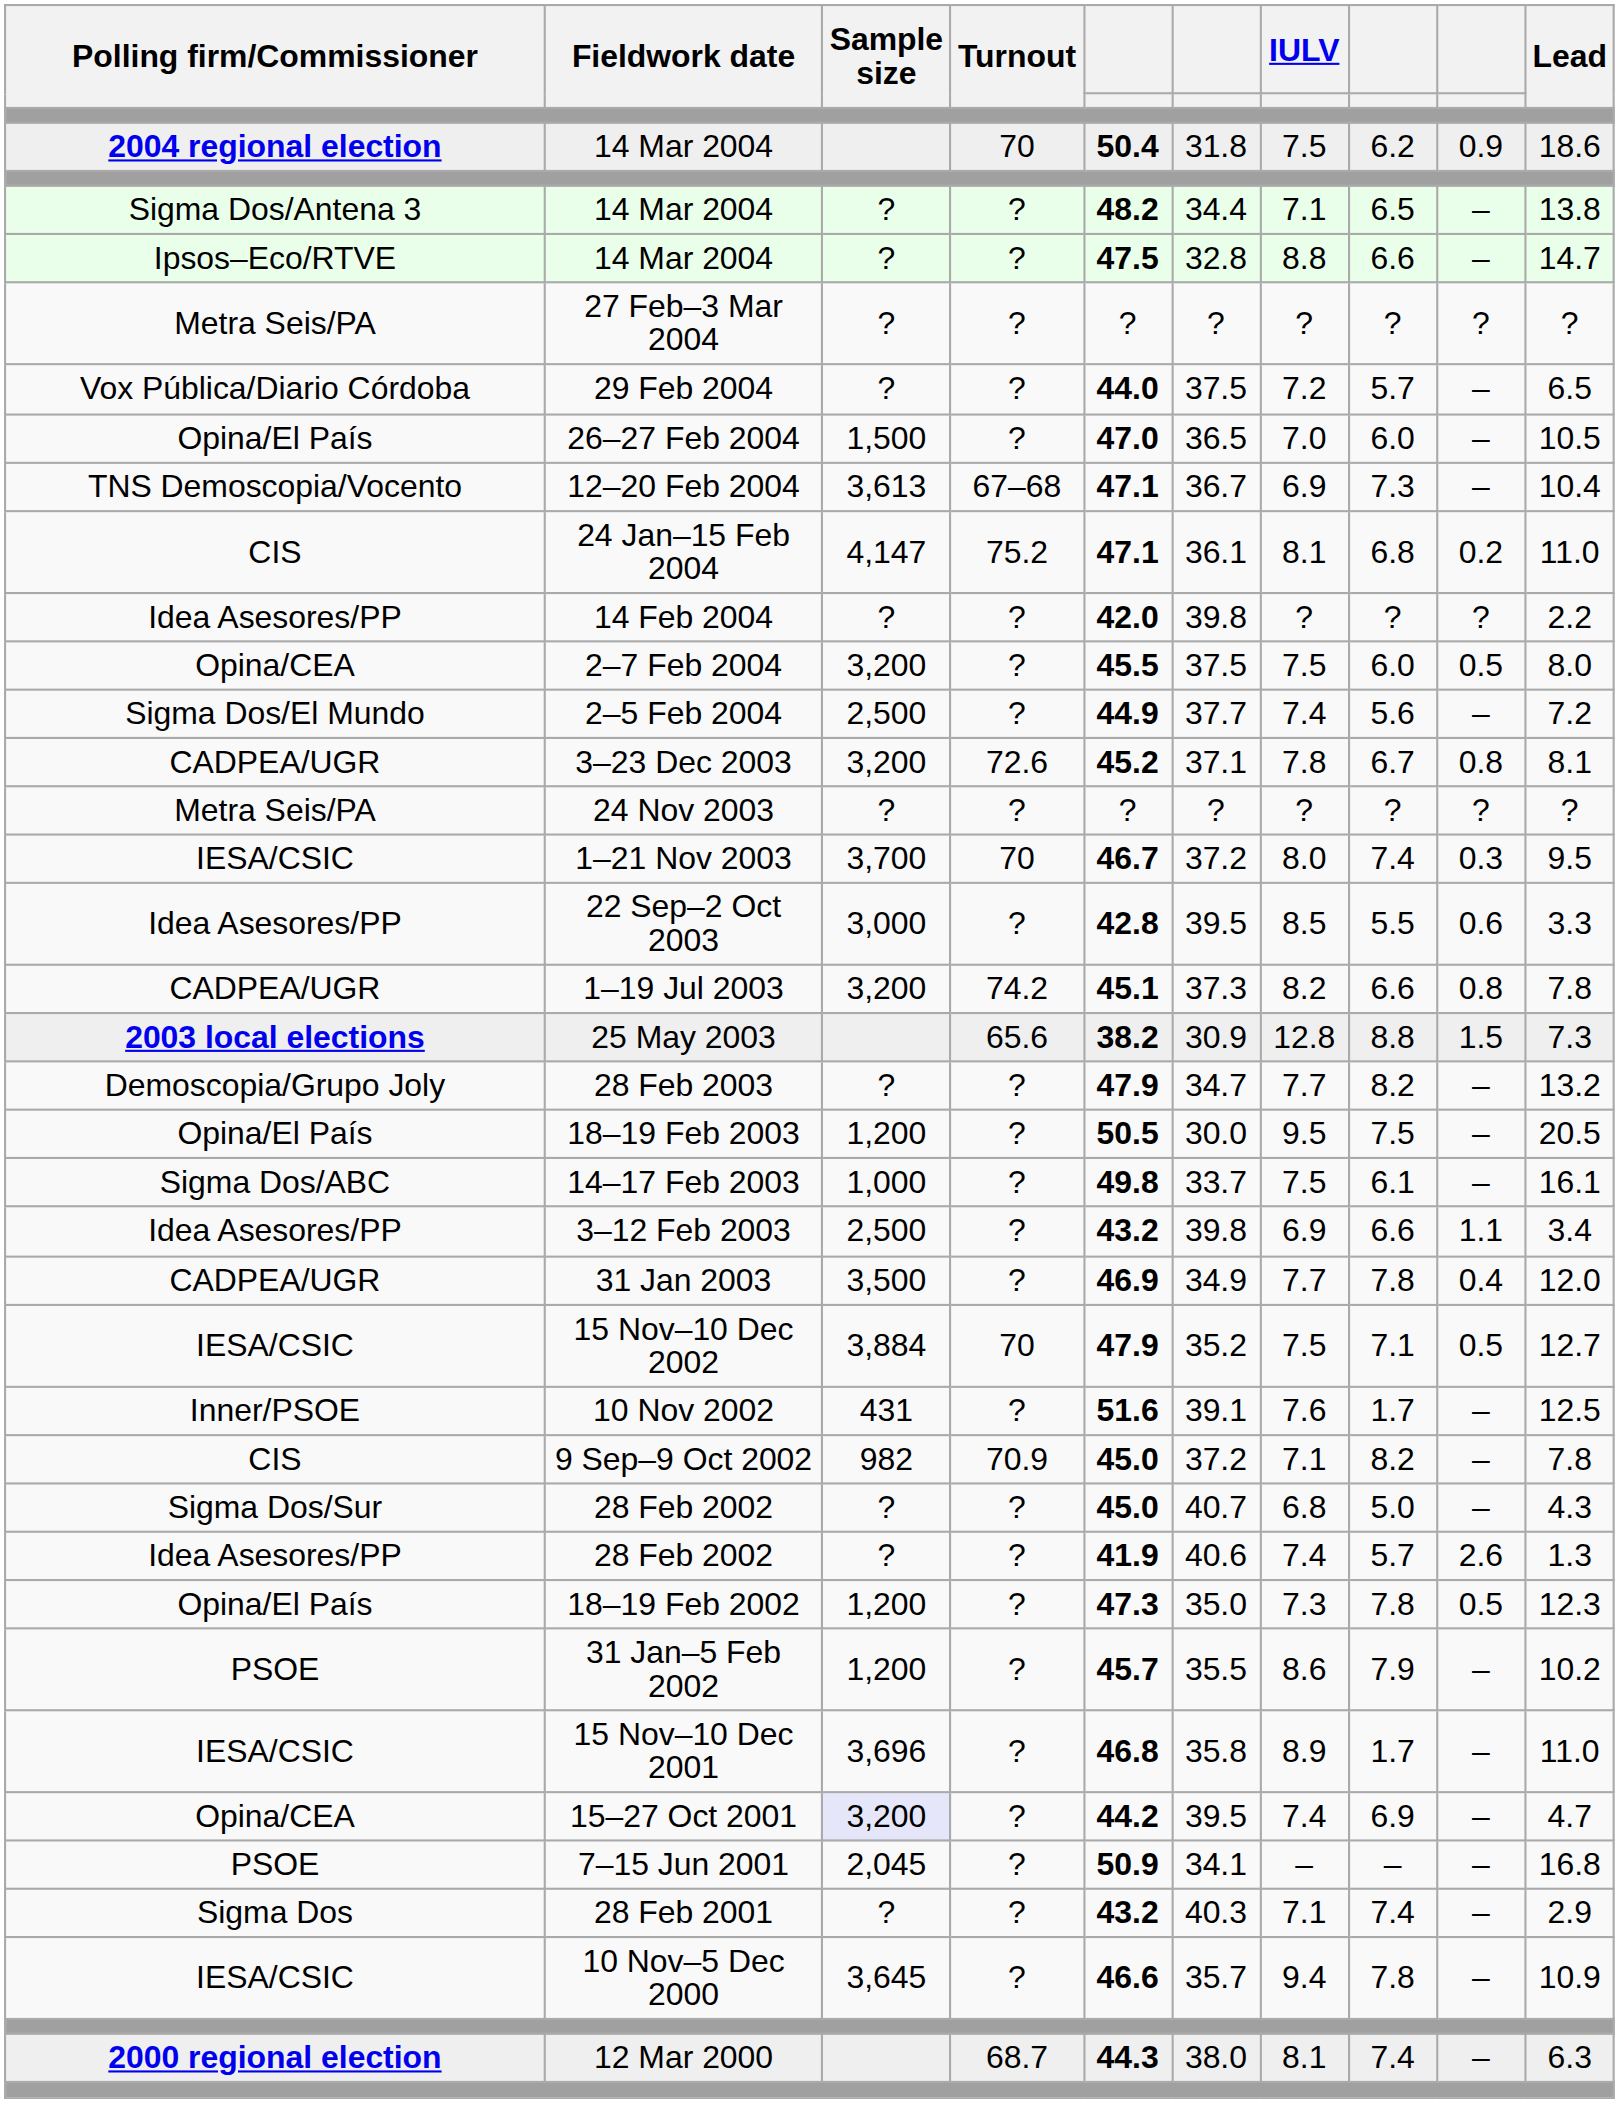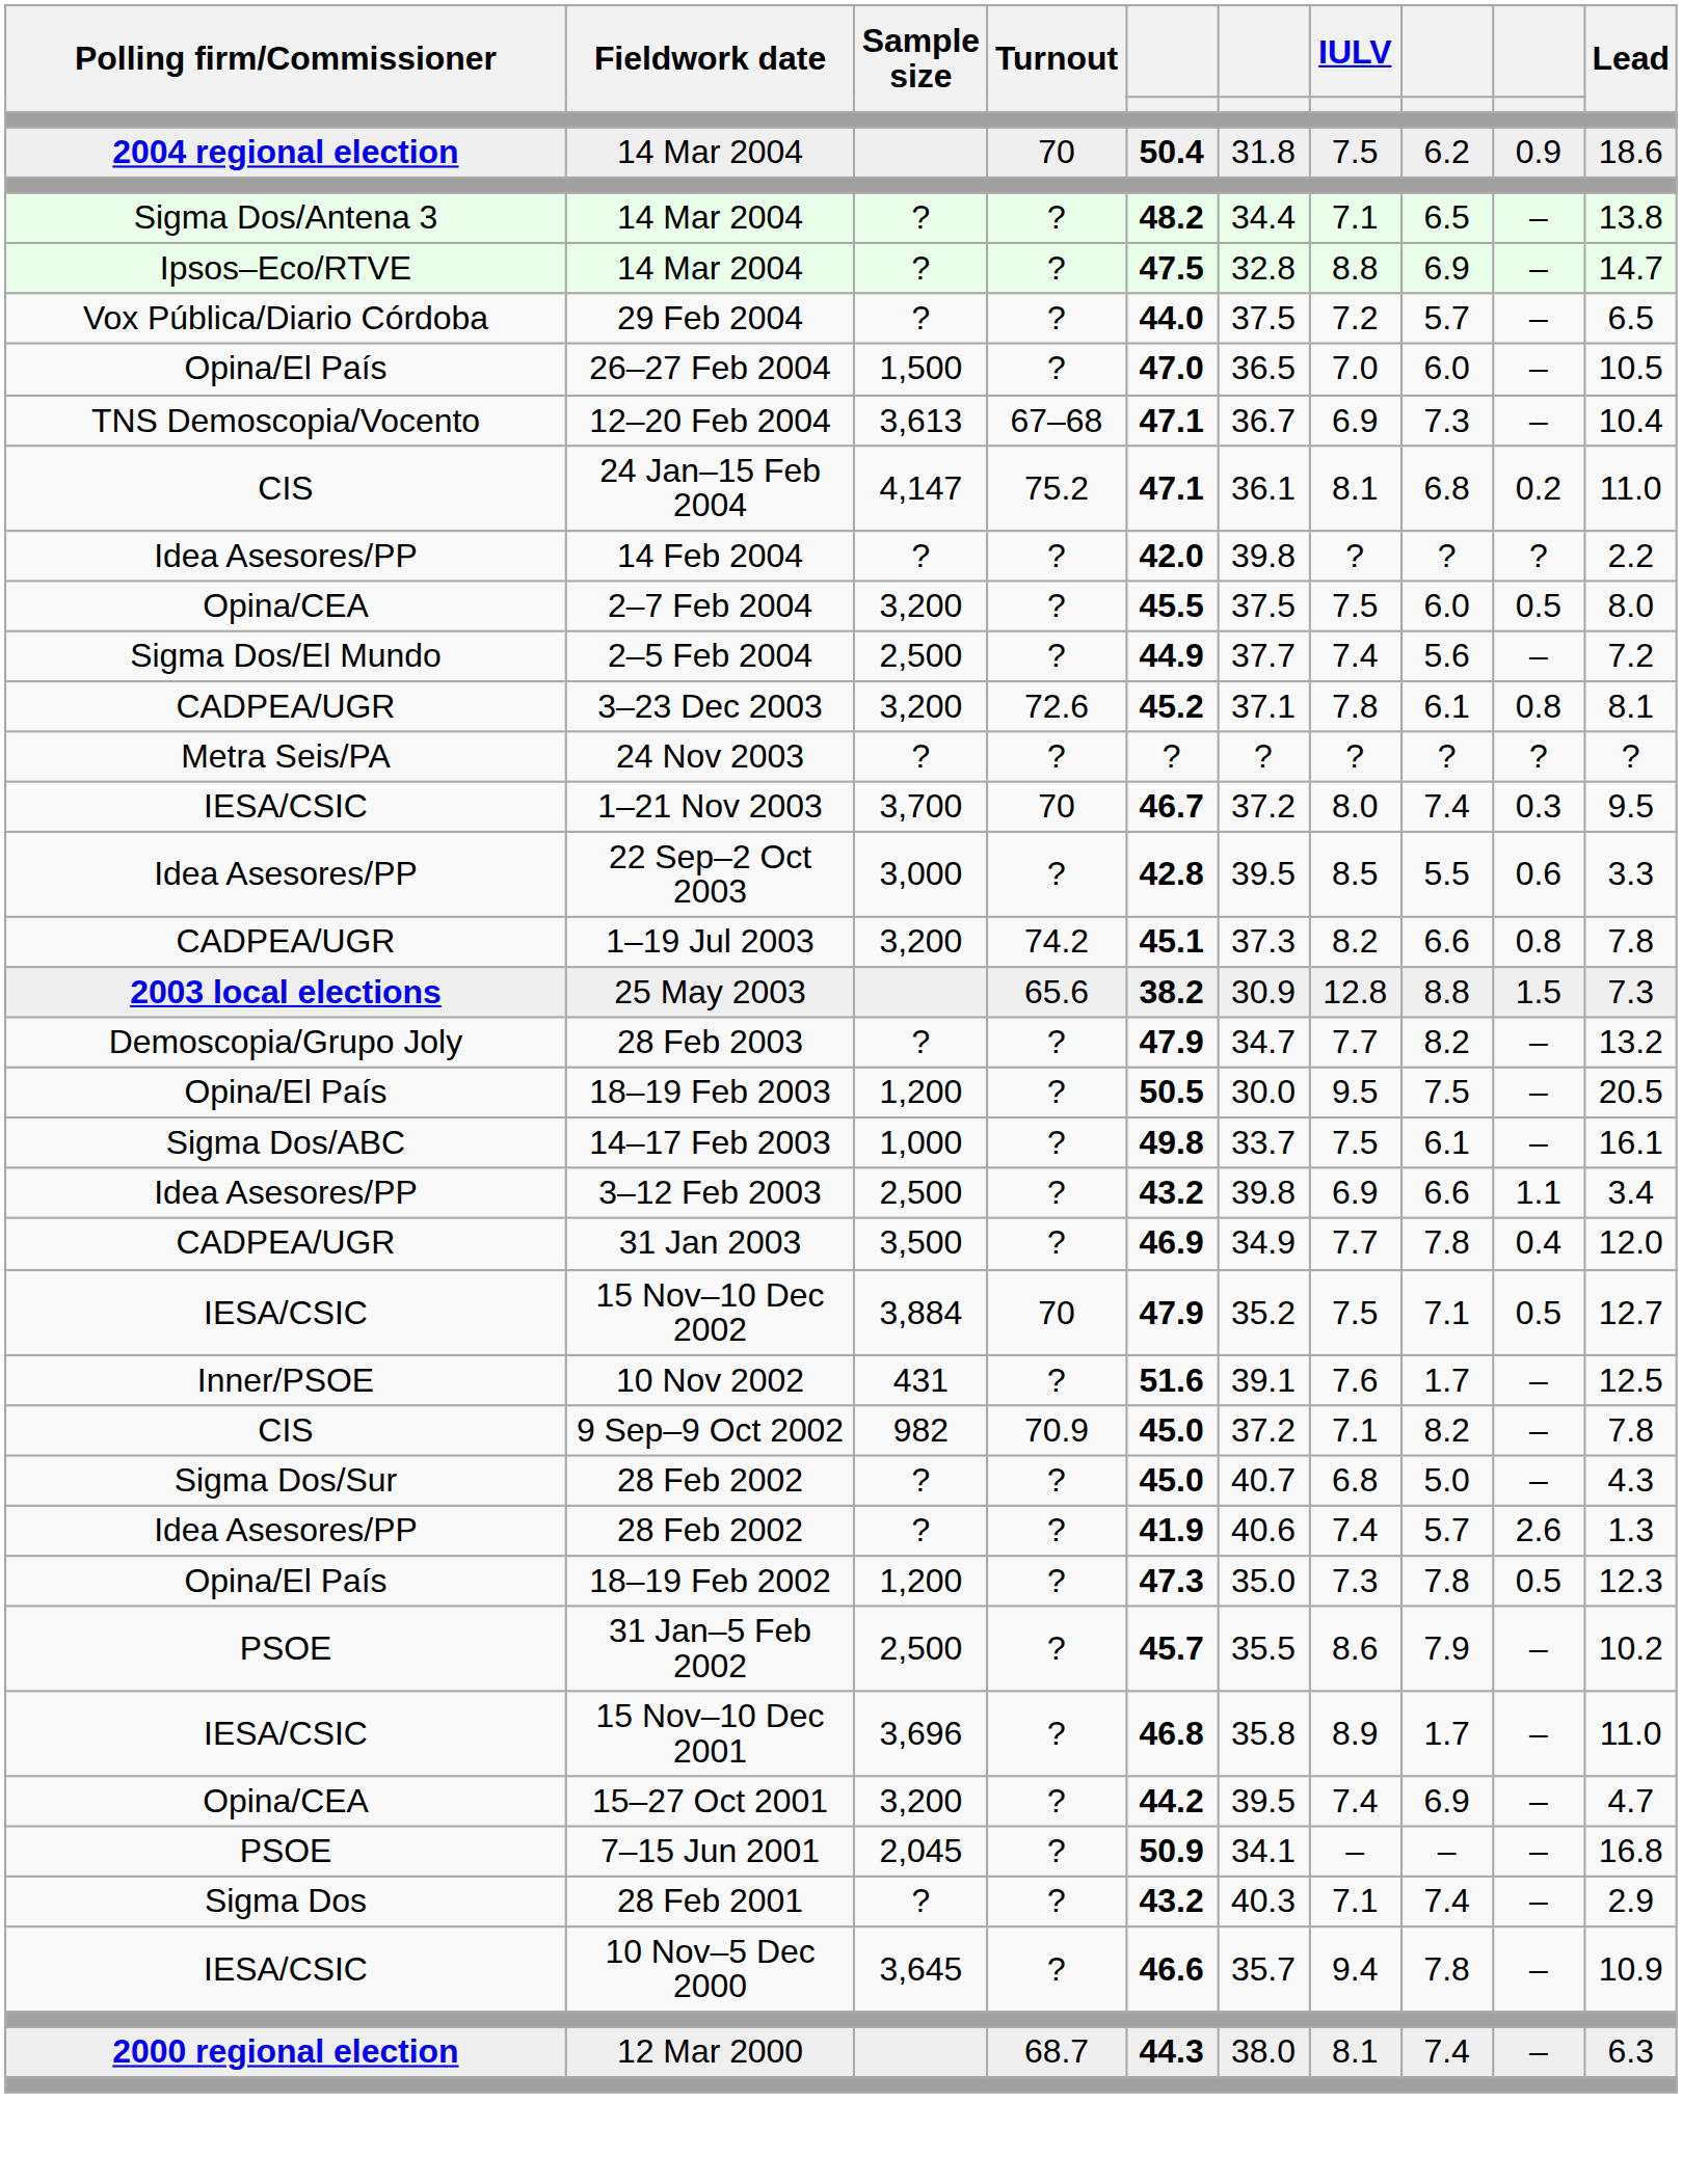 <table class="wikitable collapsible collapsed" style="text-align:center; font-size:95%; line-height:16px;">
 <tr style="height:42px;">
 <th style="width:250px;" rowspan="2">Polling firm/Commissioner</th>
 <th style="width:125px;" rowspan="2">Fieldwork date</th>
 <th style="width:50px;" rowspan="2">Sample size</th>
 <th style="width:45px;" rowspan="2">Turnout</th>
 <th style="width:35px;"></th>
 <th style="width:35px;"></th>
 <th style="width:35px;"><a href='#'>IULV</a></th>
 <th style="width:35px;"></th>
 <th style="width:35px;"></th>
 <th style="width:30px;" rowspan="2">Lead</th>
 </tr>
 <tr>
 <th style="color:inherit;background:"></th>
 <th style="color:inherit;background:"></th>
 <th style="color:inherit;background:"></th>
 <th style="color:inherit;background:"></th>
 <th style="color:inherit;background:"></th>
 </tr>
 <tr>
 <td colspan="10" style="background:#A0A0A0"></td>
 </tr>
 <tr style="background:#EFEFEF;">
 <td><strong><a href='#'>2004 regional election</a></strong></td>
 <td>14 Mar 2004</td>
 <td></td>
 <td>70</td>
 <td><strong>50.4</strong><br></td>
 <td>31.8<br></td>
 <td>7.5<br></td>
 <td>6.2<br></td>
 <td>0.9<br></td>
 <td style="background:">18.6</td>
 </tr>
 <tr>
 <td colspan="10" style="background:#A0A0A0"></td>
 </tr>
 <tr style="background:#EAFFEA;">
 <td>Sigma Dos/Antena 3</td>
 <td>14 Mar 2004</td>
 <td>?</td>
 <td>?</td>
 <td><strong>48.2</strong><br></td>
 <td>34.4<br></td>
 <td>7.1<br></td>
 <td>6.5<br></td>
 <td>–</td>
 <td style="background:">13.8</td>
 </tr>
 <tr style="background:#EAFFEA;">
 <td>Ipsos–Eco/RTVE</td>
 <td>14 Mar 2004</td>
 <td>?</td>
 <td>?</td>
 <td><strong>47.5</strong><br></td>
 <td>32.8<br></td>
 <td>8.8<br></td>
-<td>6.6<br></td>
+<td>6.9<br></td>
 <td>–</td>
 <td style="background:">14.7</td>
-</tr>
-<tr>
-<td>Metra Seis/PA</td>
-<td>27 Feb–3 Mar 2004</td>
-<td>?</td>
-<td>?</td>
-<td>?<br></td>
-<td>?<br></td>
-<td>?<br></td>
-<td>?<br></td>
-<td>?<br></td>
-<td style="background:">?</td>
 </tr>
 <tr>
 <td>Vox Pública/Diario Córdoba</td>
 <td>29 Feb 2004</td>
 <td>?</td>
 <td>?</td>
 <td><strong>44.0</strong><br></td>
 <td>37.5<br></td>
 <td>7.2<br></td>
 <td>5.7<br></td>
 <td>–</td>
 <td style="background:">6.5</td>
 </tr>
 <tr>
 <td>Opina/El País</td>
 <td>26–27 Feb 2004</td>
 <td>1,500</td>
 <td>?</td>
 <td><strong>47.0</strong><br></td>
 <td>36.5<br></td>
 <td>7.0<br></td>
 <td>6.0<br></td>
 <td>–</td>
 <td style="background:">10.5</td>
 </tr>
 <tr>
 <td>TNS Demoscopia/Vocento</td>
 <td>12–20 Feb 2004</td>
 <td>3,613</td>
 <td>67–68</td>
 <td><strong>47.1</strong><br></td>
 <td>36.7<br></td>
 <td>6.9<br></td>
 <td>7.3<br></td>
 <td>–</td>
 <td style="background:">10.4</td>
 </tr>
 <tr>
 <td>CIS</td>
 <td>24 Jan–15 Feb 2004</td>
 <td>4,147</td>
 <td>75.2</td>
 <td><strong>47.1</strong><br></td>
 <td>36.1<br></td>
 <td>8.1<br></td>
 <td>6.8<br></td>
 <td>0.2<br></td>
 <td style="background:">11.0</td>
 </tr>
 <tr>
 <td>Idea Asesores/PP</td>
 <td>14 Feb 2004</td>
 <td>?</td>
 <td>?</td>
 <td><strong>42.0</strong><br></td>
 <td>39.8<br></td>
 <td>?<br></td>
 <td>?<br></td>
 <td>?<br></td>
 <td style="background:">2.2</td>
 </tr>
 <tr>
 <td>Opina/CEA</td>
 <td>2–7 Feb 2004</td>
 <td>3,200</td>
 <td>?</td>
 <td><strong>45.5</strong><br></td>
 <td>37.5<br></td>
 <td>7.5<br></td>
 <td>6.0<br></td>
 <td>0.5<br></td>
 <td style="background:">8.0</td>
 </tr>
 <tr>
 <td>Sigma Dos/El Mundo</td>
 <td>2–5 Feb 2004</td>
 <td>2,500</td>
 <td>?</td>
 <td><strong>44.9</strong><br></td>
 <td>37.7<br></td>
 <td>7.4<br></td>
 <td>5.6<br></td>
 <td>–</td>
 <td style="background:">7.2</td>
 </tr>
 <tr>
 <td>CADPEA/UGR</td>
 <td>3–23 Dec 2003</td>
 <td>3,200</td>
 <td>72.6</td>
 <td><strong>45.2</strong></td>
 <td>37.1</td>
 <td>7.8</td>
-<td>6.7</td>
+<td>6.1</td>
 <td>0.8</td>
 <td style="background:">8.1</td>
 </tr>
 <tr>
 <td>Metra Seis/PA</td>
 <td>24 Nov 2003</td>
 <td>?</td>
 <td>?</td>
 <td>?<br></td>
 <td>?<br></td>
 <td>?<br></td>
 <td>?<br></td>
 <td>?<br></td>
 <td style="background:">?</td>
 </tr>
 <tr>
 <td>IESA/CSIC</td>
 <td>1–21 Nov 2003</td>
 <td>3,700</td>
 <td>70</td>
 <td><strong>46.7</strong></td>
 <td>37.2</td>
 <td>8.0</td>
 <td>7.4</td>
 <td>0.3</td>
 <td style="background:">9.5</td>
 </tr>
 <tr>
 <td>Idea Asesores/PP</td>
 <td>22 Sep–2 Oct 2003</td>
 <td>3,000</td>
 <td>?</td>
 <td><strong>42.8</strong><br></td>
 <td>39.5<br></td>
 <td>8.5<br></td>
 <td>5.5<br></td>
 <td>0.6<br></td>
 <td style="background:">3.3</td>
 </tr>
 <tr>
 <td>CADPEA/UGR</td>
 <td>1–19 Jul 2003</td>
 <td>3,200</td>
 <td>74.2</td>
 <td><strong>45.1</strong></td>
 <td>37.3</td>
 <td>8.2</td>
 <td>6.6</td>
 <td>0.8</td>
 <td style="background:">7.8</td>
 </tr>
 <tr style="background:#EFEFEF;">
 <td><strong><a href='#'>2003 local elections</a></strong></td>
 <td>25 May 2003</td>
 <td></td>
 <td>65.6</td>
 <td><strong>38.2</strong></td>
 <td>30.9</td>
 <td>12.8</td>
 <td>8.8</td>
 <td>1.5</td>
 <td style="background:">7.3</td>
 </tr>
 <tr>
 <td>Demoscopia/Grupo Joly</td>
 <td>28 Feb 2003</td>
 <td>?</td>
 <td>?</td>
 <td><strong>47.9</strong></td>
 <td>34.7</td>
 <td>7.7</td>
 <td>8.2</td>
 <td>–</td>
 <td style="background:">13.2</td>
 </tr>
 <tr>
 <td>Opina/El País</td>
 <td>18–19 Feb 2003</td>
 <td>1,200</td>
 <td>?</td>
 <td><strong>50.5</strong></td>
 <td>30.0</td>
 <td>9.5</td>
 <td>7.5</td>
 <td>–</td>
 <td style="background:">20.5</td>
 </tr>
 <tr>
 <td>Sigma Dos/ABC</td>
 <td>14–17 Feb 2003</td>
 <td>1,000</td>
 <td>?</td>
 <td><strong>49.8</strong></td>
 <td>33.7</td>
 <td>7.5</td>
 <td>6.1</td>
 <td>–</td>
 <td style="background:">16.1</td>
 </tr>
 <tr>
 <td>Idea Asesores/PP</td>
 <td>3–12 Feb 2003</td>
 <td>2,500</td>
 <td>?</td>
 <td><strong>43.2</strong><br></td>
 <td>39.8<br></td>
 <td>6.9<br></td>
 <td>6.6<br></td>
 <td>1.1<br></td>
 <td style="background:">3.4</td>
 </tr>
 <tr>
 <td>CADPEA/UGR</td>
 <td>31 Jan 2003</td>
 <td>3,500</td>
 <td>?</td>
 <td><strong>46.9</strong></td>
 <td>34.9</td>
 <td>7.7</td>
 <td>7.8</td>
 <td>0.4</td>
 <td style="background:">12.0</td>
 </tr>
 <tr>
 <td>IESA/CSIC</td>
 <td>15 Nov–10 Dec 2002</td>
 <td>3,884</td>
 <td>70</td>
 <td><strong>47.9</strong></td>
 <td>35.2</td>
 <td>7.5</td>
 <td>7.1</td>
 <td>0.5</td>
 <td style="background:">12.7</td>
 </tr>
 <tr>
 <td>Inner/PSOE</td>
 <td>10 Nov 2002</td>
 <td>431</td>
 <td>?</td>
 <td><strong>51.6</strong></td>
 <td>39.1</td>
 <td>7.6</td>
 <td>1.7</td>
 <td>–</td>
 <td style="background:">12.5</td>
 </tr>
 <tr>
 <td>CIS</td>
 <td>9 Sep–9 Oct 2002</td>
 <td>982</td>
 <td>70.9</td>
 <td><strong>45.0</strong></td>
 <td>37.2</td>
 <td>7.1</td>
 <td>8.2</td>
 <td>–</td>
 <td style="background:">7.8</td>
 </tr>
 <tr>
 <td>Sigma Dos/Sur</td>
 <td>28 Feb 2002</td>
 <td>?</td>
 <td>?</td>
 <td><strong>45.0</strong></td>
 <td>40.7</td>
 <td>6.8</td>
 <td>5.0</td>
 <td>–</td>
 <td style="background:">4.3</td>
 </tr>
 <tr>
 <td>Idea Asesores/PP</td>
 <td>28 Feb 2002</td>
 <td>?</td>
 <td>?</td>
 <td><strong>41.9</strong><br></td>
 <td>40.6<br></td>
 <td>7.4<br></td>
 <td>5.7<br></td>
 <td>2.6<br></td>
 <td style="background:">1.3</td>
 </tr>
 <tr>
 <td>Opina/El País</td>
 <td>18–19 Feb 2002</td>
 <td>1,200</td>
 <td>?</td>
 <td><strong>47.3</strong></td>
 <td>35.0</td>
 <td>7.3</td>
 <td>7.8</td>
 <td>0.5</td>
 <td style="background:">12.3</td>
 </tr>
 <tr>
 <td>PSOE</td>
 <td>31 Jan–5 Feb 2002</td>
-<td>1,200</td>
+<td>2,500</td>
 <td>?</td>
 <td><strong>45.7</strong></td>
 <td>35.5</td>
 <td>8.6</td>
 <td>7.9</td>
 <td>–</td>
 <td style="background:">10.2</td>
 </tr>
 <tr>
 <td>IESA/CSIC</td>
 <td>15 Nov–10 Dec 2001</td>
 <td>3,696</td>
 <td>?</td>
 <td><strong>46.8</strong></td>
 <td>35.8</td>
 <td>8.9</td>
 <td>1.7</td>
 <td>–</td>
 <td style="background:">11.0</td>
 </tr>
 <tr>
 <td>Opina/CEA</td>
 <td>15–27 Oct 2001</td>
-<td style="background: lavender;">3,200</td>
+<td>3,200</td>
 <td>?</td>
 <td><strong>44.2</strong><br></td>
 <td>39.5<br></td>
 <td>7.4<br></td>
 <td>6.9<br></td>
 <td>–</td>
 <td style="background:">4.7</td>
 </tr>
 <tr>
 <td>PSOE</td>
 <td>7–15 Jun 2001</td>
 <td>2,045</td>
 <td>?</td>
 <td><strong>50.9</strong></td>
 <td>34.1</td>
 <td>–</td>
 <td>–</td>
 <td>–</td>
 <td style="background:">16.8</td>
 </tr>
 <tr>
 <td>Sigma Dos</td>
 <td>28 Feb 2001</td>
 <td>?</td>
 <td>?</td>
 <td><strong>43.2</strong></td>
 <td>40.3</td>
 <td>7.1</td>
 <td>7.4</td>
 <td>–</td>
 <td style="background:">2.9</td>
 </tr>
 <tr>
 <td>IESA/CSIC</td>
 <td>10 Nov–5 Dec 2000</td>
 <td>3,645</td>
 <td>?</td>
 <td><strong>46.6</strong></td>
 <td>35.7</td>
 <td>9.4</td>
 <td>7.8</td>
 <td>–</td>
 <td style="background:">10.9</td>
 </tr>
 <tr>
 <td colspan="10" style="background:#A0A0A0"></td>
 </tr>
 <tr style="background:#EFEFEF;">
 <td><strong><a href='#'>2000 regional election</a></strong></td>
 <td>12 Mar 2000</td>
 <td></td>
 <td>68.7</td>
 <td><strong>44.3</strong><br></td>
 <td>38.0<br></td>
 <td>8.1<br></td>
 <td>7.4<br></td>
 <td>–</td>
 <td style="background:">6.3</td>
 </tr>
 <tr>
 <td colspan="10" style="background:#A0A0A0"></td>
 </tr>
 </table>
